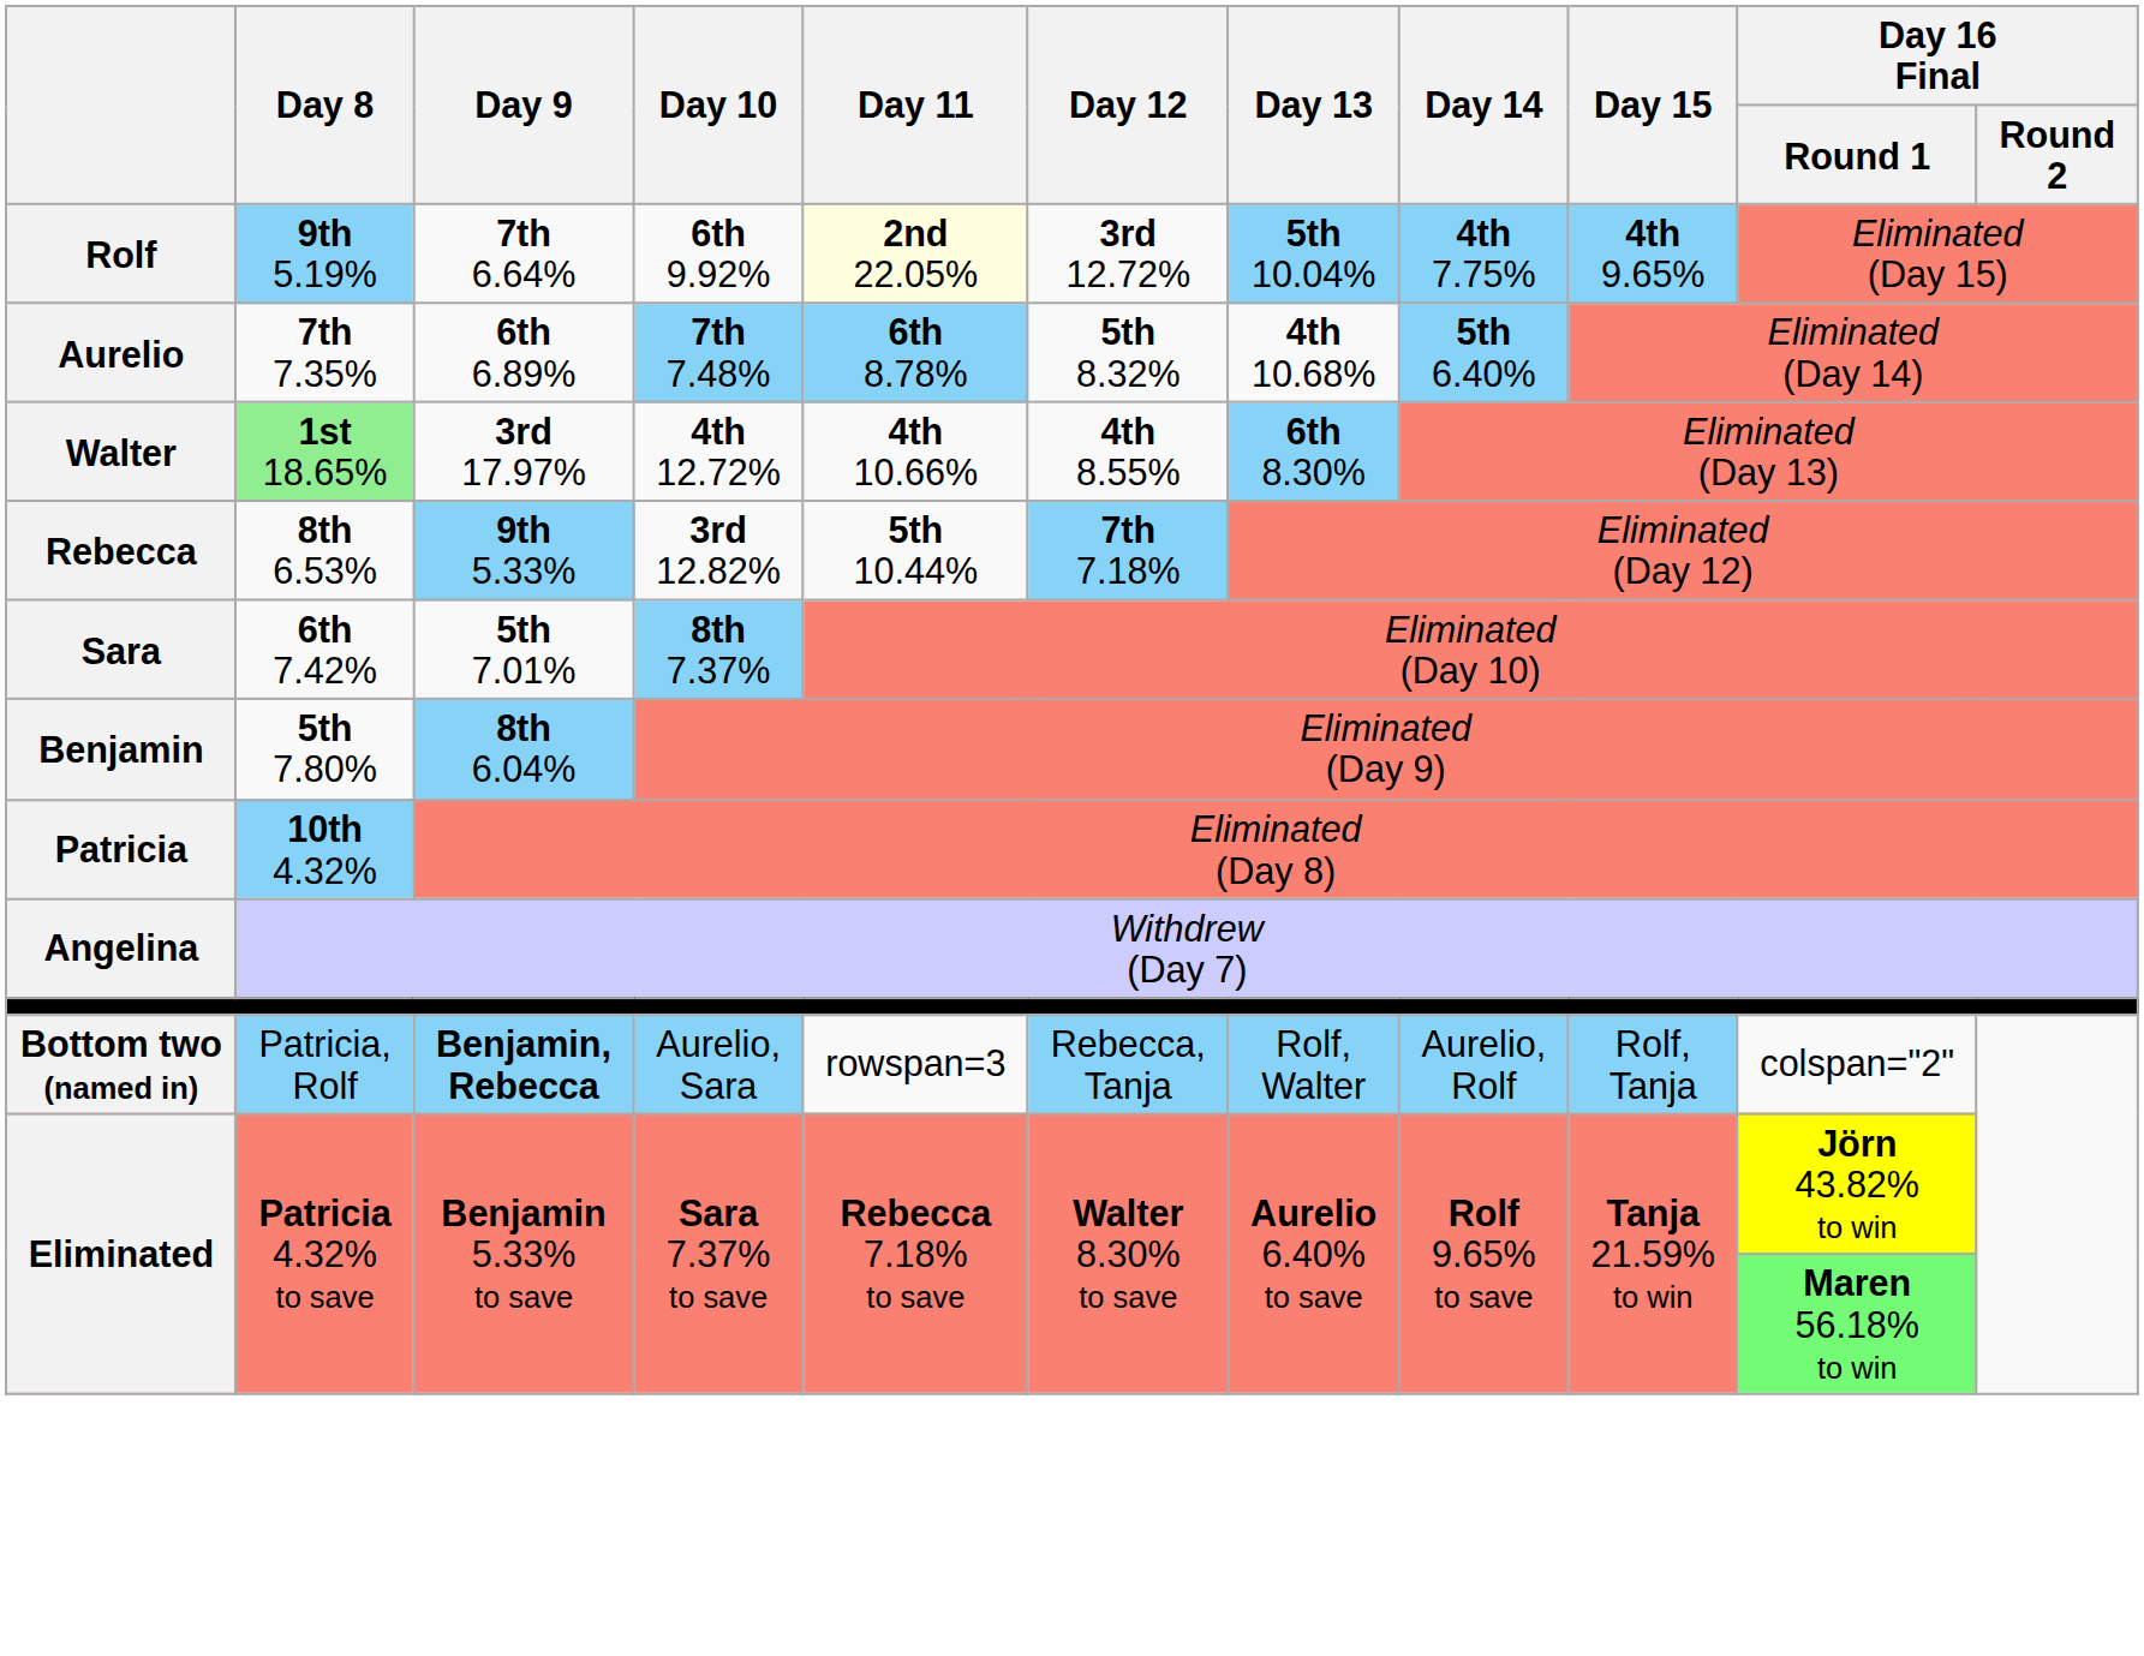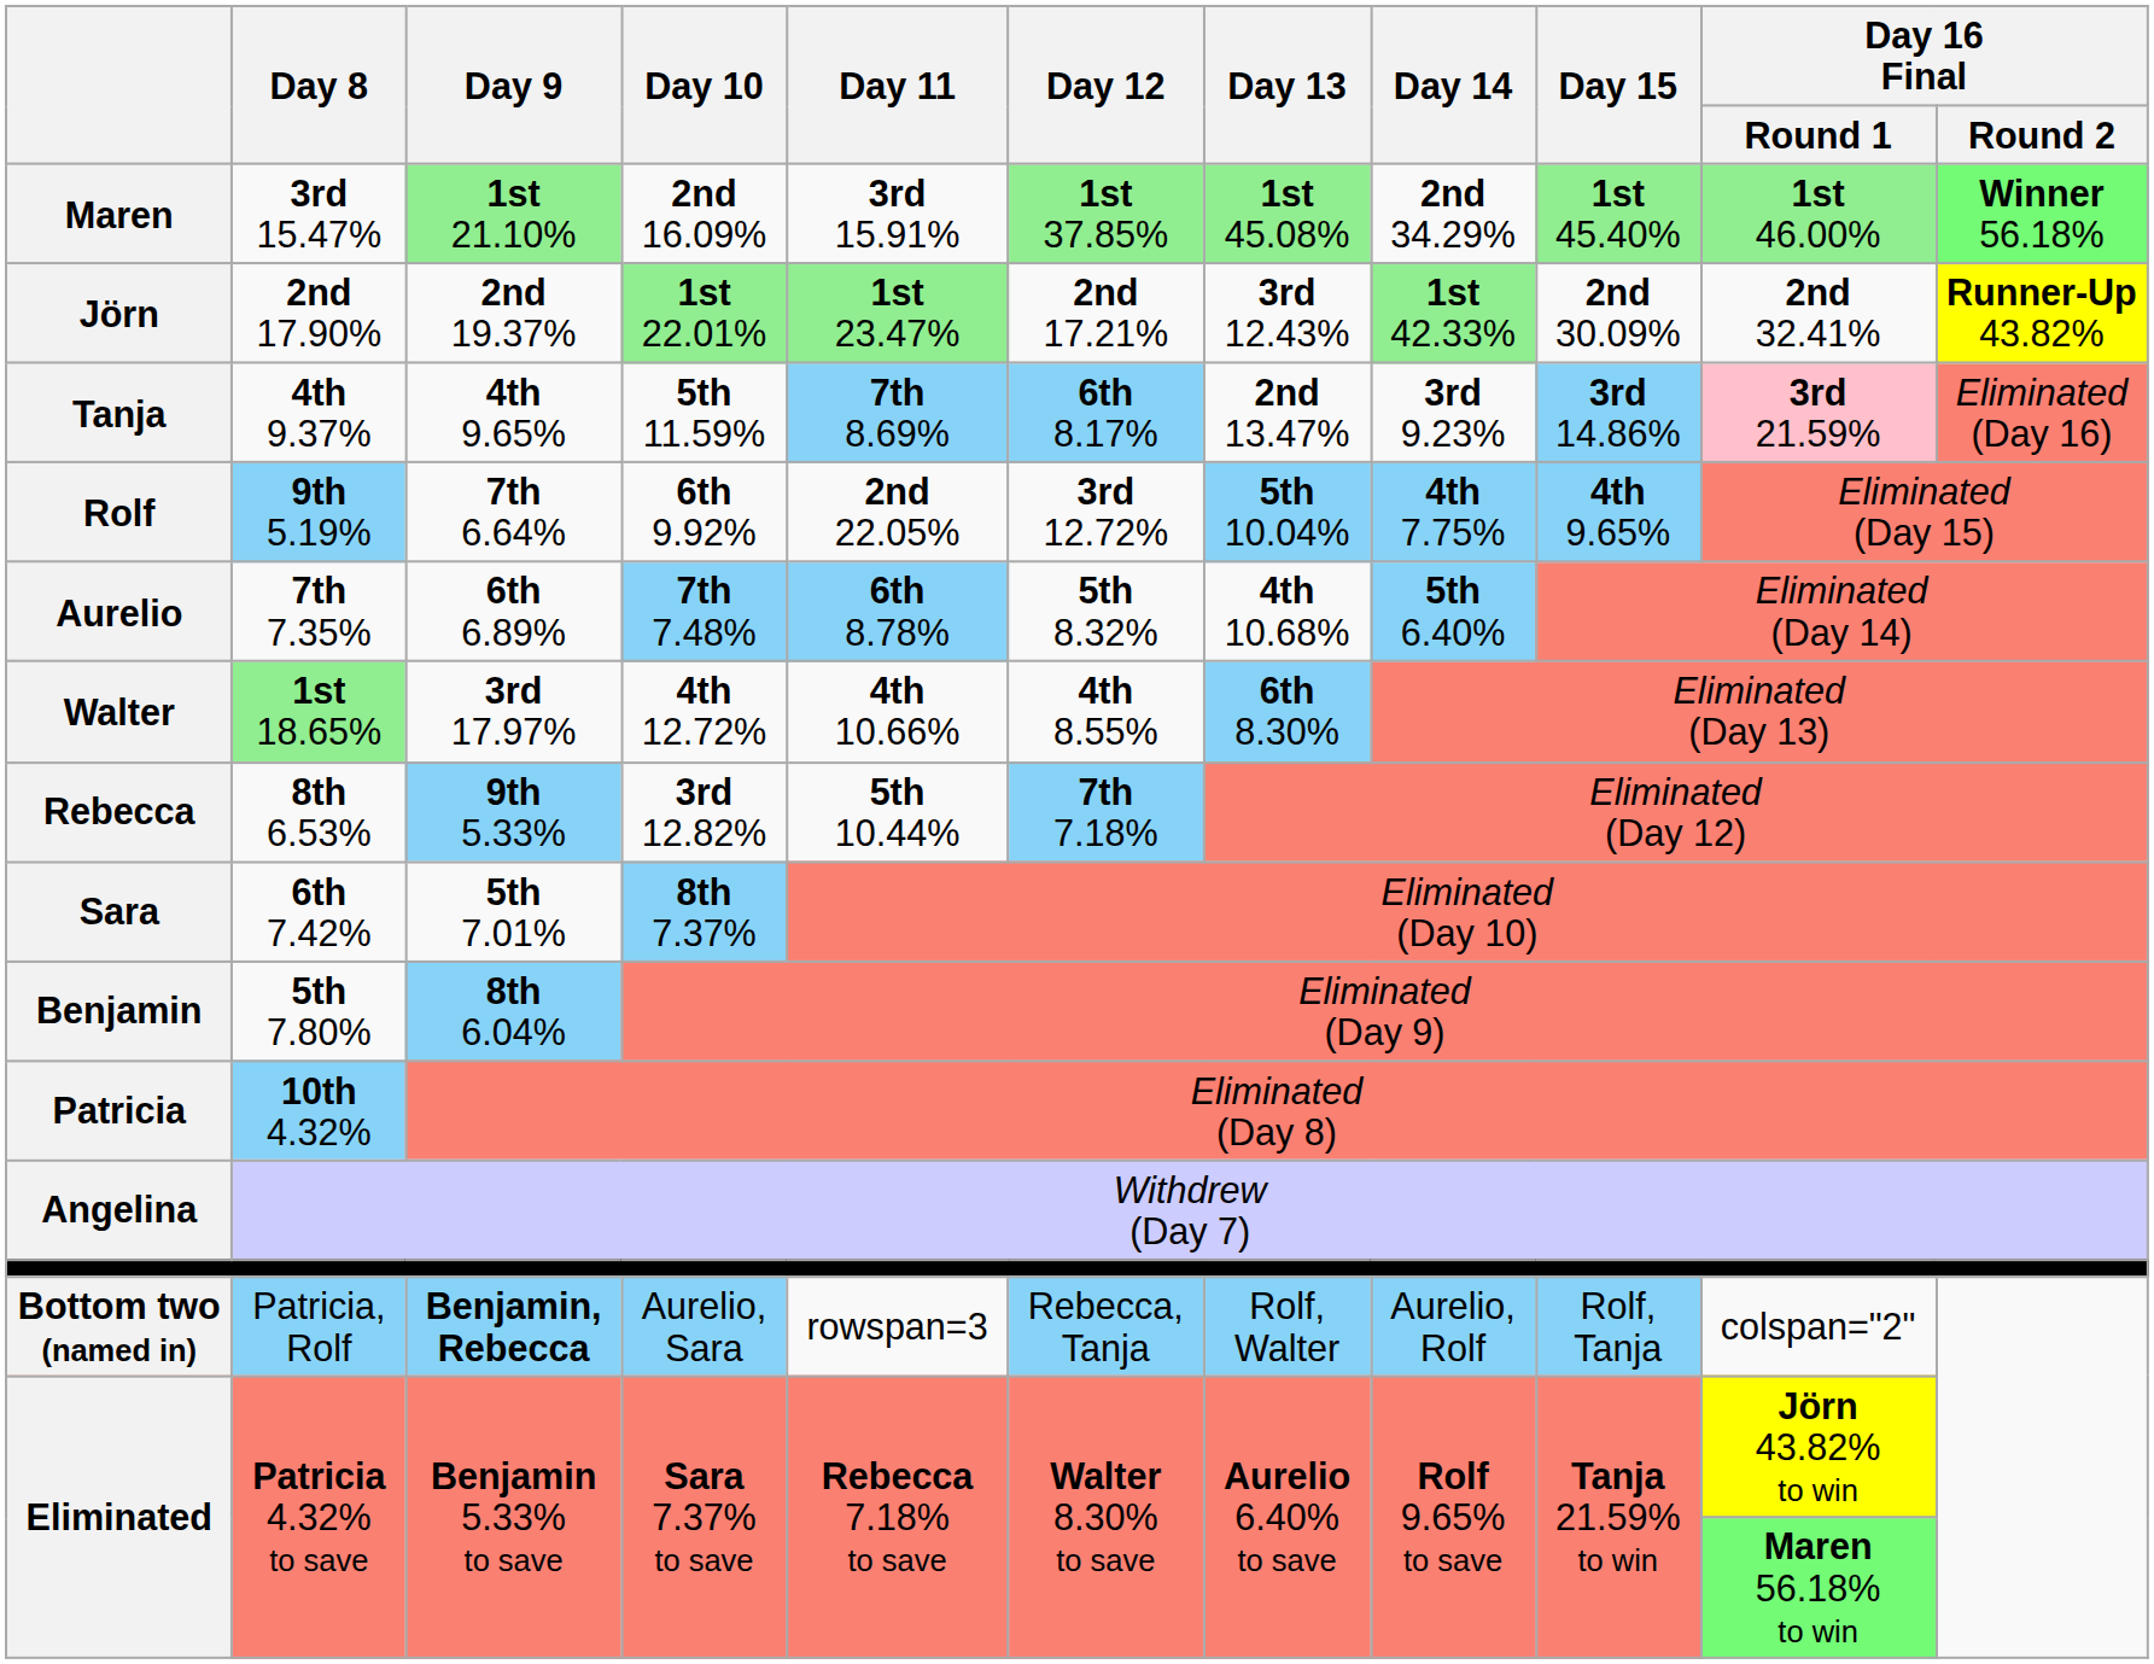 <table class="wikitable" style="text-align:center; font-size:95%; width:100%;">
 <tr>
 <th style="width:6%" rowspan="2"></th>
 <th style="width:6%" rowspan="2">Day 8</th>
 <th style="width:6%" rowspan="2">Day 9</th>
 <th style="width:6%" rowspan="2">Day 10</th>
 <th style="width:6%" rowspan="2">Day 11</th>
 <th style="width:6%" rowspan="2">Day 12</th>
 <th style="width:6%" rowspan="2">Day 13</th>
 <th style="width:6%" rowspan="2">Day 14</th>
 <th style="width:6%" rowspan="2">Day 15</th>
 <th style="width:6%" colspan="2">Day 16<br>Final</th>
 </tr>
 <tr>
 <th style="width:6%">Round 1</th>
 <th style="width:6%">Round 2</th>
 </tr>
 <tr>
+<th>Maren</th>
+<td><strong>3rd</strong><br>15.47%</td>
+<td style="background:lightgreen"><strong>1st</strong><br>21.10%</td>
+<td><strong>2nd</strong><br>16.09%</td>
+<td><strong>3rd</strong><br>15.91%</td>
+<td style="background:lightgreen"><strong>1st</strong><br>37.85%</td>
+<td style="background:lightgreen"><strong>1st</strong><br>45.08%</td>
+<td><strong>2nd</strong><br>34.29%</td>
+<td style="background:lightgreen"><strong>1st</strong><br>45.40%</td>
+<td style="background:lightgreen"><strong>1st</strong><br>46.00%</td>
+<td style="background:#73FB76"><strong>Winner</strong><br>56.18%</td>
+</tr>
+<tr>
+<th>Jörn</th>
+<td><strong>2nd</strong><br>17.90%</td>
+<td><strong>2nd</strong><br>19.37%</td>
+<td style="background:lightgreen"><strong>1st</strong><br>22.01%</td>
+<td style="background:lightgreen"><strong>1st</strong><br>23.47%</td>
+<td><strong>2nd</strong><br>17.21%</td>
+<td><strong>3rd</strong><br>12.43%</td>
+<td style="background:lightgreen"><strong>1st</strong><br>42.33%</td>
+<td><strong>2nd</strong><br>30.09%</td>
+<td><strong>2nd</strong><br>32.41%</td>
+<td style="background:yellow"><strong>Runner-Up</strong><br>43.82%</td>
+</tr>
+<tr>
+<th>Tanja</th>
+<td><strong>4th</strong><br>9.37%</td>
+<td><strong>4th</strong><br>9.65%</td>
+<td><strong>5th</strong><br>11.59%</td>
+<td bgcolor="#87D3F8"><strong>7th</strong><br>8.69%</td>
+<td bgcolor="#87D3F8"><strong>6th</strong><br>8.17%</td>
+<td><strong>2nd</strong><br>13.47%</td>
+<td><strong>3rd</strong><br>9.23%</td>
+<td bgcolor="#87D3F8"><strong>3rd</strong><br>14.86%</td>
+<td bgcolor="pink"><strong>3rd</strong><br>21.59%</td>
+<td bgcolor="salmon" colspan=1><em>Eliminated</em><br>(Day 16)</td>
+</tr>
+<tr>
 <th>Rolf</th>
 <td bgcolor="#87D3F8"><strong>9th</strong><br>5.19%</td>
 <td><strong>7th</strong><br>6.64%</td>
 <td><strong>6th</strong><br>9.92%</td>
-<td style="background: lightyellow;"><strong>2nd</strong><br>22.05%</td>
+<td><strong>2nd</strong><br>22.05%</td>
 <td><strong>3rd</strong><br>12.72%</td>
 <td bgcolor="#87D3F8"><strong>5th</strong><br>10.04%</td>
 <td bgcolor="#87D3F8"><strong>4th</strong><br>7.75%</td>
 <td bgcolor="#87D3F8"><strong>4th</strong><br>9.65%</td>
 <td bgcolor="salmon" colspan=2><em>Eliminated</em><br>(Day 15)</td>
 </tr>
 <tr>
 <th>Aurelio</th>
 <td><strong>7th</strong><br>7.35%</td>
 <td><strong>6th</strong><br>6.89%</td>
 <td bgcolor="#87D3F8"><strong>7th</strong><br>7.48%</td>
 <td bgcolor="#87D3F8"><strong>6th</strong><br>8.78%</td>
 <td><strong>5th</strong><br>8.32%</td>
 <td><strong>4th</strong><br>10.68%</td>
 <td bgcolor="#87D3F8"><strong>5th</strong><br>6.40%</td>
 <td bgcolor="salmon" colspan=3><em>Eliminated</em><br>(Day 14)</td>
 </tr>
 <tr>
 <th>Walter</th>
 <td style="background:lightgreen"><strong>1st</strong><br>18.65%</td>
 <td><strong>3rd</strong><br>17.97%</td>
 <td><strong>4th</strong><br>12.72%</td>
 <td><strong>4th</strong><br>10.66%</td>
 <td><strong>4th</strong><br>8.55%</td>
 <td bgcolor="#87D3F8"><strong>6th</strong><br>8.30%</td>
 <td bgcolor="salmon" colspan=4><em>Eliminated</em><br>(Day 13)</td>
 </tr>
 <tr>
 <th>Rebecca</th>
 <td><strong>8th</strong><br>6.53%</td>
 <td bgcolor="#87D3F8"><strong>9th</strong><br>5.33%</td>
 <td><strong>3rd</strong><br>12.82%</td>
 <td><strong>5th</strong><br>10.44%</td>
 <td bgcolor="#87D3F8"><strong>7th</strong><br>7.18%</td>
 <td bgcolor="salmon" colspan=5><em>Eliminated</em><br>(Day 12)</td>
 </tr>
 <tr>
 <th>Sara</th>
 <td><strong>6th</strong><br>7.42%</td>
 <td><strong>5th</strong><br>7.01%</td>
 <td bgcolor="#87D3F8"><strong>8th</strong><br>7.37%</td>
 <td bgcolor="salmon" colspan=7><em>Eliminated</em><br>(Day 10)</td>
 </tr>
 <tr>
 <th>Benjamin</th>
 <td><strong>5th</strong><br>7.80%</td>
 <td bgcolor="#87D3F8"><strong>8th</strong><br>6.04%</td>
 <td bgcolor="salmon" colspan=8><em>Eliminated</em><br>(Day 9)</td>
 </tr>
 <tr>
 <th>Patricia</th>
 <td bgcolor="#87D3F8"><strong>10th</strong><br>4.32%</td>
 <td bgcolor="salmon" colspan=9><em>Eliminated</em><br>(Day 8)</td>
 </tr>
 <tr>
 <th>Angelina</th>
 <td style="background:#ccf;" colspan="10"><em>Withdrew</em><br>(Day 7)</td>
 </tr>
 <tr>
 <td style="background:#000;" colspan="11"></td>
 </tr>
 <tr>
 <th>Bottom two<br><small>(named in)</small></th>
 <td style="background:#87d3f8;">Patricia,<br>Rolf</td>
 <td style="background:#87d3f8;"><strong>Benjamin,<br>Rebecca</strong></td>
 <td style="background:#87d3f8;">Aurelio,<br>Sara</td>
 <td>rowspan=3 </td>
 <td style="background:#87d3f8;">Rebecca,<br>Tanja</td>
 <td style="background:#87d3f8;">Rolf,<br>Walter</td>
 <td style="background:#87d3f8;">Aurelio,<br>Rolf</td>
 <td style="background:#87d3f8;">Rolf,<br>Tanja</td>
 <td>colspan="2" </td>
 </tr>
 <tr style="background:salmon;">
 <th rowspan="2">Eliminated</th>
 <td rowspan="2"><strong>Patricia</strong><br>4.32%<br><small>to save</small></td>
 <td rowspan="2"><strong>Benjamin</strong><br>5.33%<br><small>to save</small></td>
 <td rowspan="2"><strong>Sara</strong><br>7.37%<br><small>to save</small></td>
 <td rowspan="2"><strong>Rebecca</strong><br>7.18%<br><small>to save</small></td>
 <td rowspan="2"><strong>Walter</strong><br>8.30%<br><small>to save</small></td>
 <td rowspan="2"><strong>Aurelio</strong><br>6.40%<br><small>to save</small></td>
 <td rowspan="2"><strong>Rolf</strong><br>9.65%<br><small>to save</small></td>
 <td rowspan="2"><strong>Tanja</strong><br>21.59%<br><small>to win</small></td>
 <td style="background:yellow"><strong>Jörn</strong><br>43.82%<br><small>to win</small></td>
 </tr>
 <tr>
 <td style="background:#73FB76"><strong>Maren</strong><br>56.18%<br><small>to win</small></td>
 </tr>
 </table>
